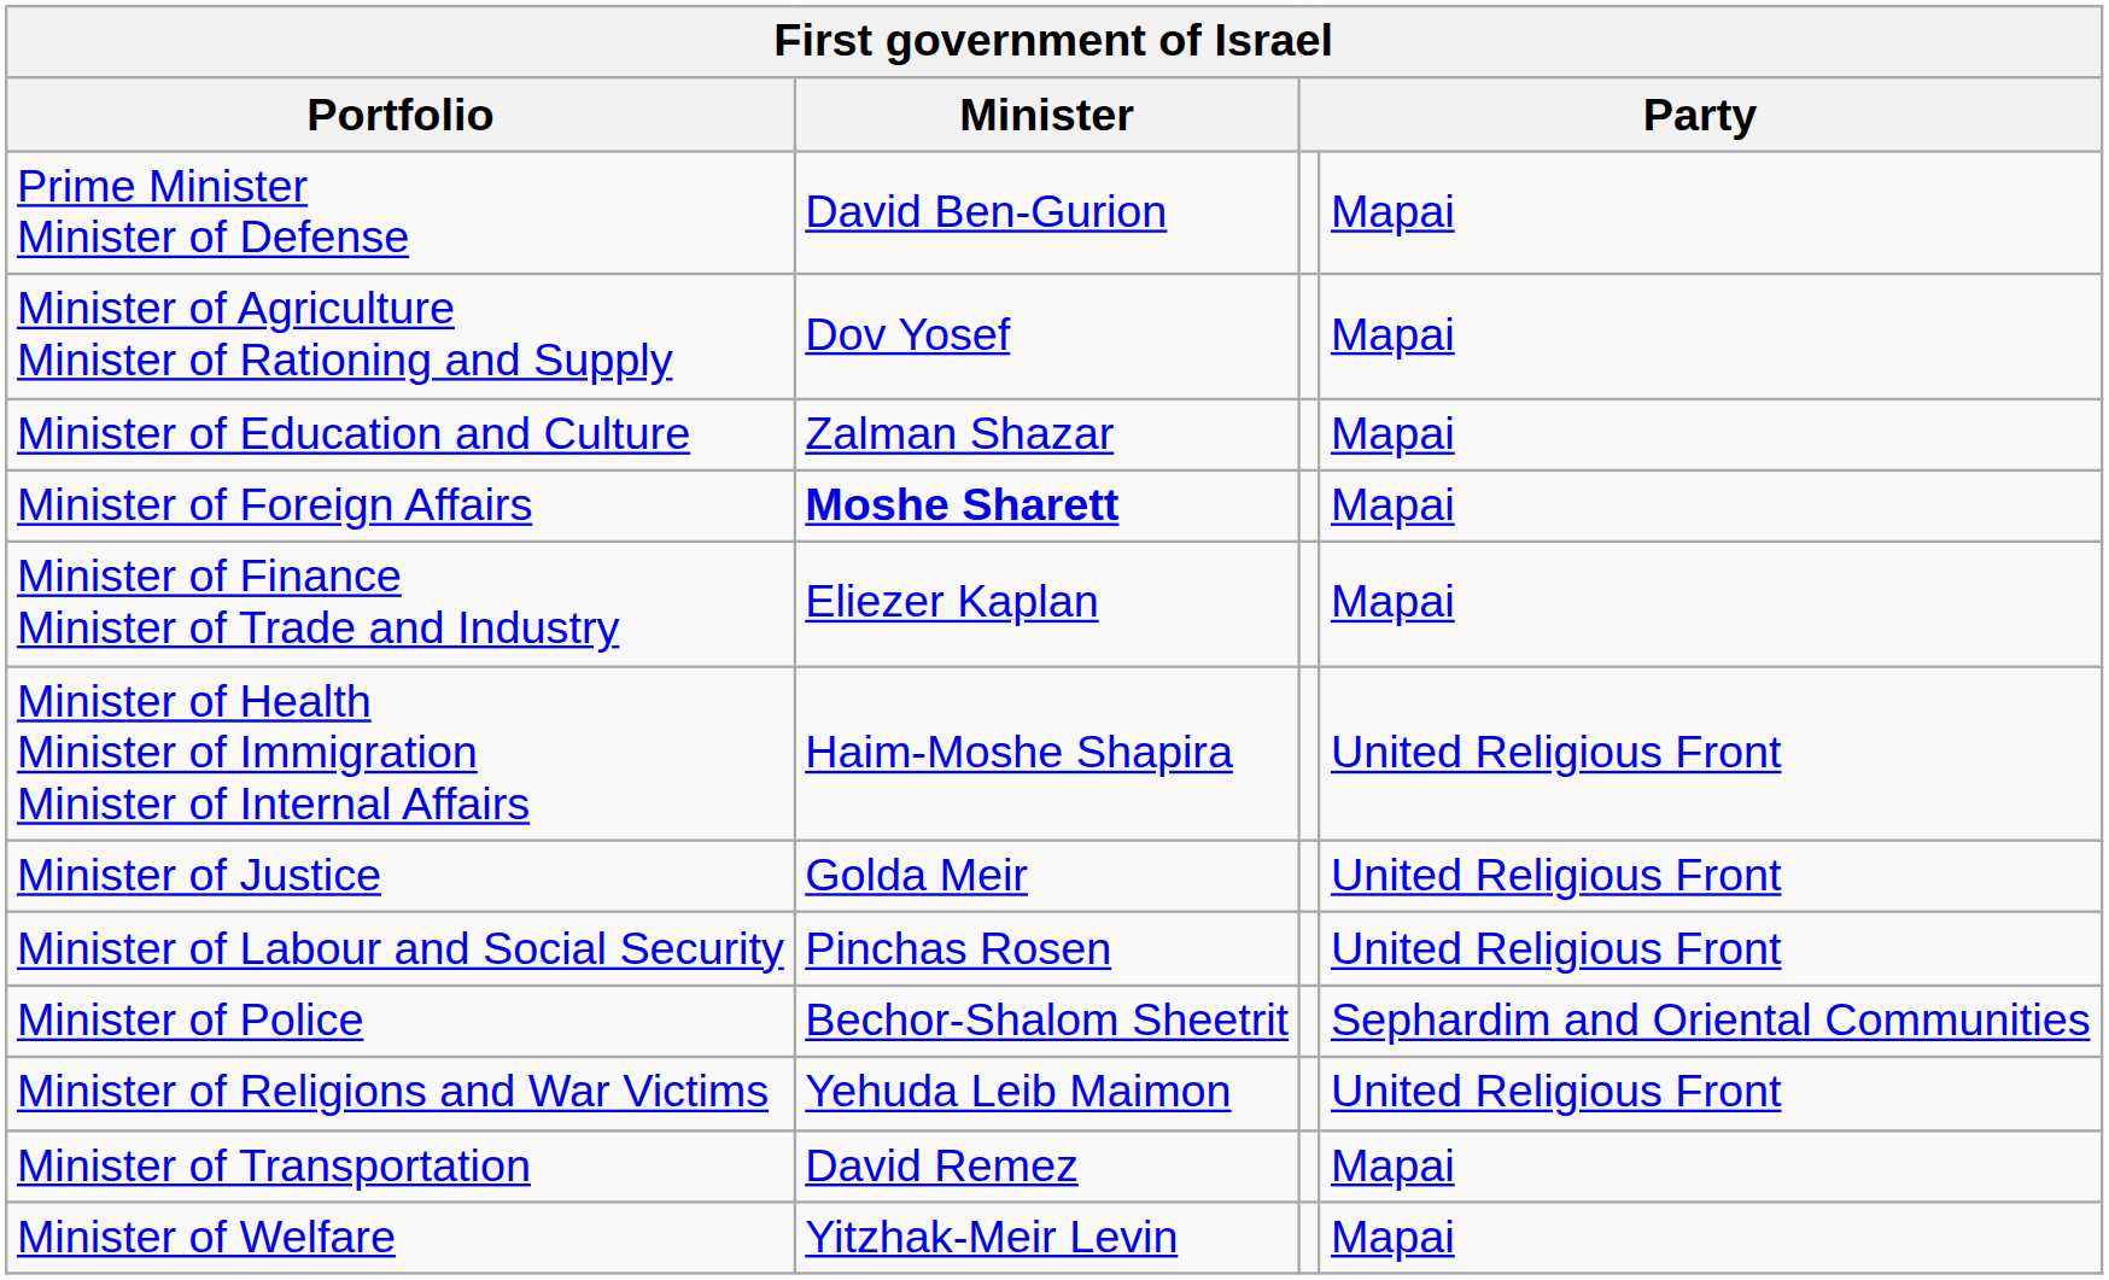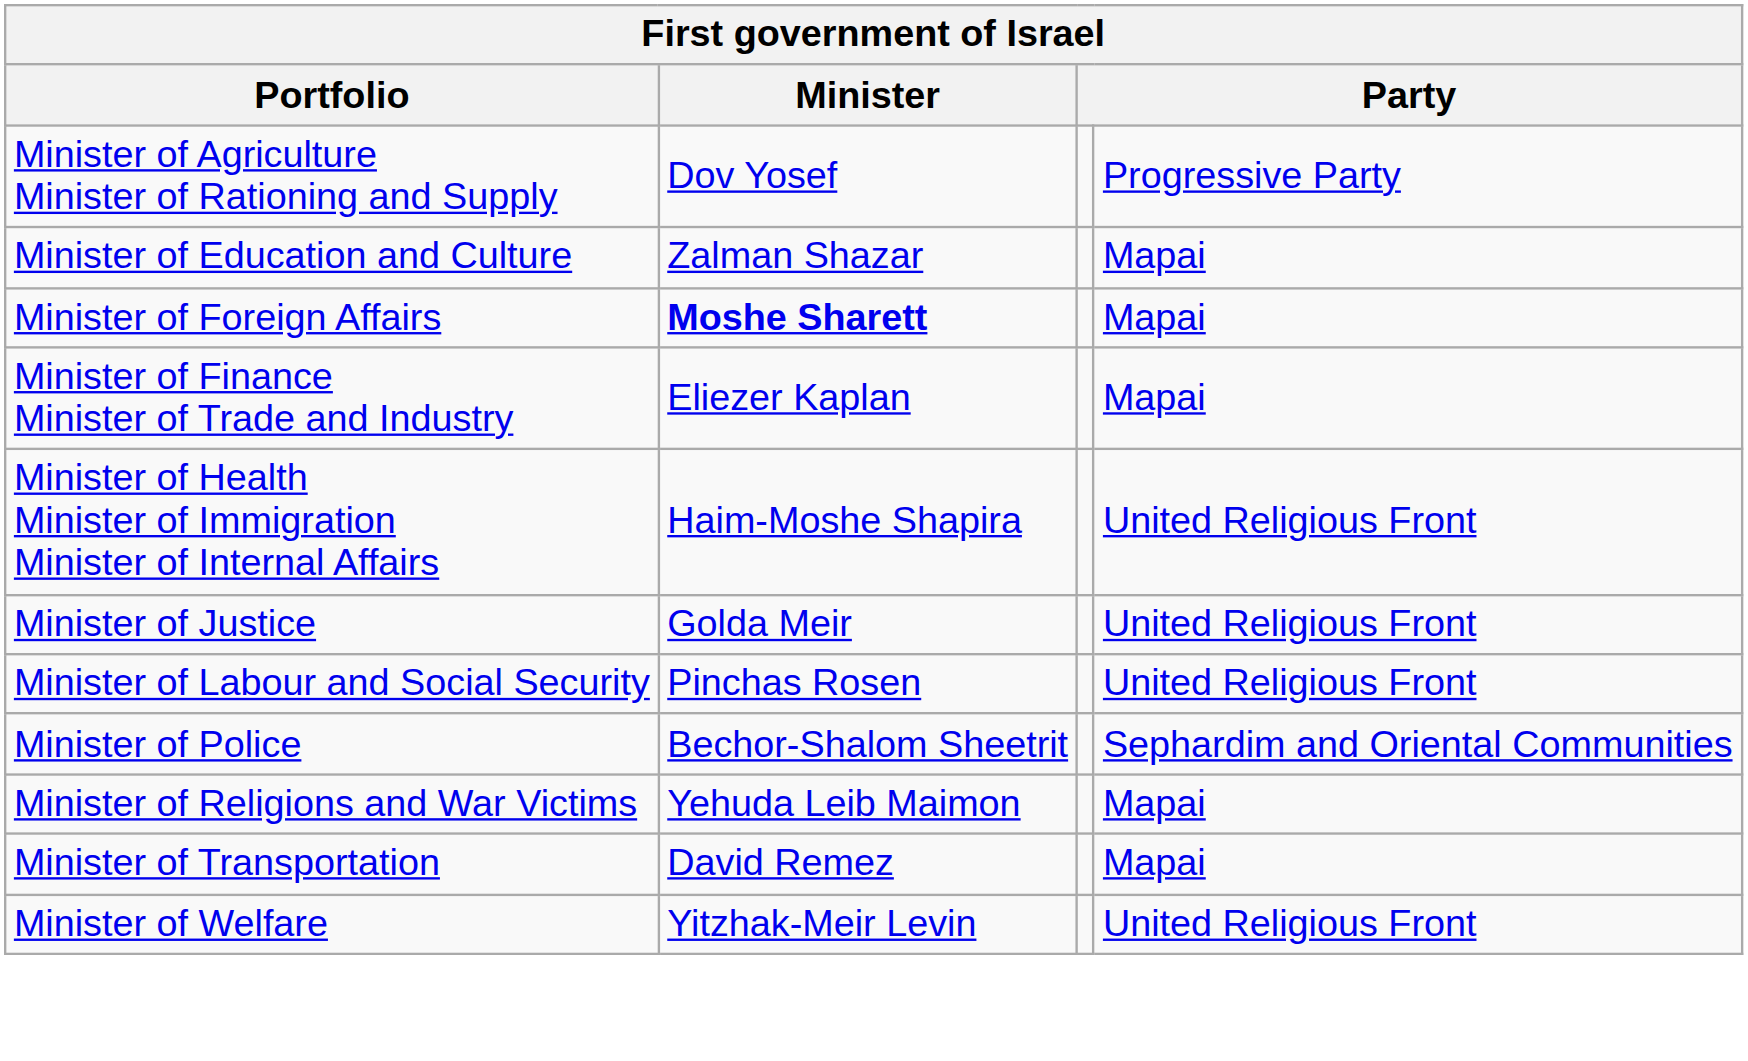 <table class="wikitable sortable" style="text-align:left">
 <tr>
 <th colspan=4>First government of Israel</th>
 </tr>
 <tr>
 <th>Portfolio</th>
 <th>Minister</th>
 <th colspan=2>Party</th>
 </tr>
 <tr>
-<td><a href='#'>Prime Minister</a><br><a href='#'>Minister of Defense</a></td>
-<td><a href='#'>David Ben-Gurion</a></td>
-<td style="background:"></td>
-<td><a href='#'>Mapai</a></td>
-</tr>
-<tr>
 <td><a href='#'>Minister of Agriculture</a><br><a href='#'>Minister of Rationing and Supply</a></td>
 <td><a href='#'>Dov Yosef</a></td>
 <td style="background:"></td>
-<td><a href='#'>Mapai</a></td>
+<td><a href='#'>Progressive Party</a></td>
 </tr>
 <tr>
 <td><a href='#'>Minister of Education and Culture</a></td>
 <td><a href='#'>Zalman Shazar</a></td>
 <td style="background:"></td>
 <td><a href='#'>Mapai</a></td>
 </tr>
 <tr>
 <td><a href='#'>Minister of Foreign Affairs</a></td>
 <td><strong><a href='#'>Moshe Sharett</a></strong></td>
 <td style="background:"></td>
 <td><a href='#'>Mapai</a></td>
 </tr>
 <tr>
 <td><a href='#'>Minister of Finance</a><br><a href='#'>Minister of Trade and Industry</a></td>
 <td><a href='#'>Eliezer Kaplan</a></td>
 <td style="background:"></td>
 <td><a href='#'>Mapai</a></td>
 </tr>
 <tr>
 <td><a href='#'>Minister of Health</a><br><a href='#'>Minister of Immigration</a><br><a href='#'>Minister of Internal Affairs</a></td>
 <td><a href='#'>Haim-Moshe Shapira</a></td>
 <td style="background:"></td>
 <td><a href='#'>United Religious Front</a></td>
 </tr>
 <tr>
 <td><a href='#'>Minister of Justice</a></td>
 <td><a href='#'>Golda Meir</a></td>
 <td style="background:"></td>
 <td><a href='#'>United Religious Front</a></td>
 </tr>
 <tr>
 <td><a href='#'>Minister of Labour and Social Security</a></td>
 <td><a href='#'>Pinchas Rosen</a></td>
 <td style="background:"></td>
 <td><a href='#'>United Religious Front</a></td>
 </tr>
 <tr>
 <td><a href='#'>Minister of Police</a></td>
 <td><a href='#'>Bechor-Shalom Sheetrit</a></td>
 <td style="background:"></td>
 <td><a href='#'>Sephardim and Oriental Communities</a></td>
 </tr>
 <tr>
 <td><a href='#'>Minister of Religions and War Victims</a></td>
 <td><a href='#'>Yehuda Leib Maimon</a></td>
 <td style="background:"></td>
-<td><a href='#'>United Religious Front</a></td>
+<td><a href='#'>Mapai</a></td>
 </tr>
 <tr>
 <td><a href='#'>Minister of Transportation</a></td>
 <td><a href='#'>David Remez</a></td>
 <td style="background:"></td>
 <td><a href='#'>Mapai</a></td>
 </tr>
 <tr>
 <td><a href='#'>Minister of Welfare</a></td>
 <td><a href='#'>Yitzhak-Meir Levin</a></td>
 <td style="background:"></td>
-<td><a href='#'>Mapai</a></td>
+<td><a href='#'>United Religious Front</a></td>
 </tr>
 </table>
